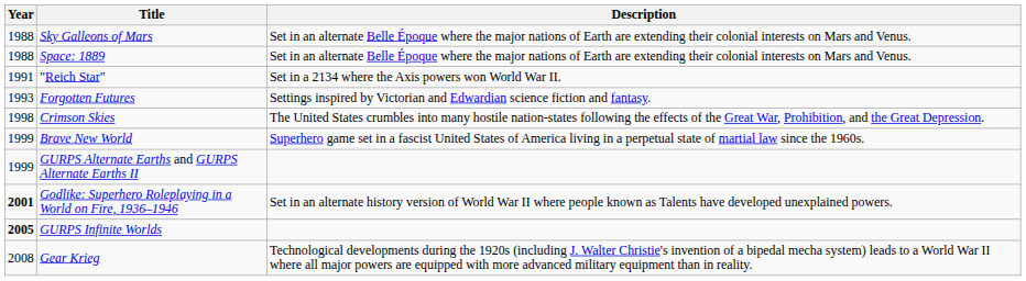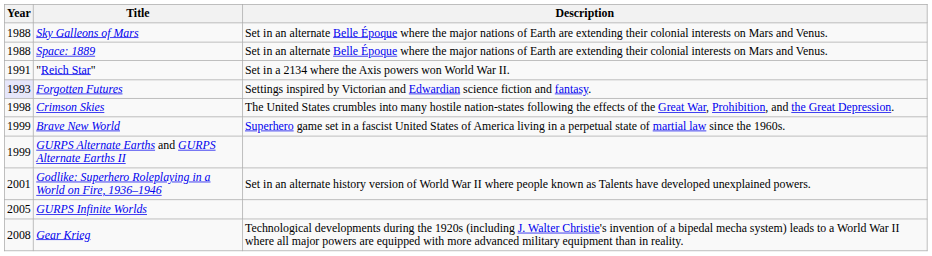 <table class=wikitable>
 <tr>
 <th>Year</th>
 <th>Title</th>
 <th>Description</th>
 </tr>
 <tr>
 <td>1988</td>
 <td><em><a href='#'>Sky Galleons of Mars</a></em></td>
 <td>Set in an alternate <a href='#'>Belle Époque</a> where the major nations of Earth are extending their colonial interests on Mars and Venus.</td>
 </tr>
 <tr>
 <td>1988</td>
 <td><em><a href='#'>Space: 1889</a></em></td>
 <td>Set in an alternate <a href='#'>Belle Époque</a> where the major nations of Earth are extending their colonial interests on Mars and Venus.</td>
 </tr>
 <tr>
 <td>1991</td>
 <td>"<a href='#'>Reich Star</a>"</td>
 <td>Set in a 2134 where the Axis powers won World War II.</td>
 </tr>
 <tr>
-<td>1993</td>
+<td style="background: lavender;">1993</td>
 <td><em><a href='#'>Forgotten Futures</a></em></td>
 <td>Settings inspired by Victorian and <a href='#'>Edwardian</a> science fiction and <a href='#'>fantasy</a>.</td>
 </tr>
 <tr>
 <td>1998</td>
 <td><em><a href='#'>Crimson Skies</a></em></td>
 <td>The United States crumbles into many hostile nation-states following the effects of the <a href='#'>Great War</a>, <a href='#'>Prohibition</a>, and <a href='#'>the Great Depression</a>.</td>
 </tr>
 <tr>
 <td>1999</td>
 <td><em><a href='#'>Brave New World</a></em></td>
 <td><a href='#'>Superhero</a> game set in a fascist United States of America living in a perpetual state of <a href='#'>martial law</a> since the 1960s.</td>
 </tr>
 <tr>
 <td>1999</td>
 <td><em><a href='#'>GURPS Alternate Earths</a></em> and <em><a href='#'>GURPS Alternate Earths II</a></em></td>
 </tr>
 <tr>
-<td><strong>2001</strong></td>
+<td>2001</td>
 <td><em><a href='#'>Godlike: Superhero Roleplaying in a World on Fire, 1936–1946</a></em></td>
 <td>Set in an alternate history version of World War II where people known as Talents have developed unexplained powers.</td>
 </tr>
 <tr>
-<td><strong>2005</strong></td>
+<td>2005</td>
 <td><em><a href='#'>GURPS Infinite Worlds</a></em></td>
 </tr>
 <tr>
 <td>2008</td>
 <td><em><a href='#'>Gear Krieg</a></em></td>
 <td>Technological developments during the 1920s (including <a href='#'>J. Walter Christie</a>'s invention of a bipedal mecha system) leads to a World War II where all major powers are equipped with more advanced military equipment than in reality.</td>
 </tr>
 </table>
